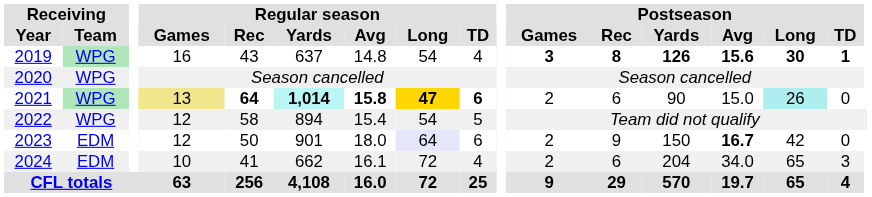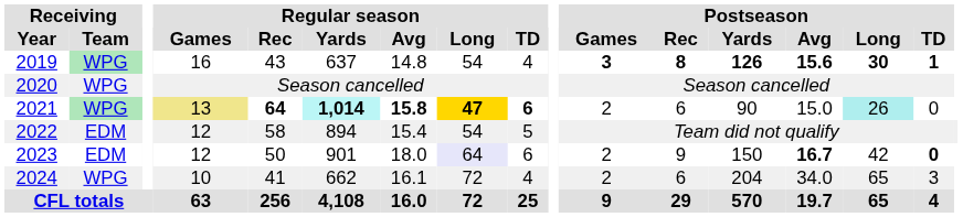 <table BORDER="0" CELLPADDING="1" CELLSPACING="0" width="65%" style="text-align:center">
 <tr bgcolor="#e0e0e0">
 <th colspan="2">Receiving</th>
 <th rowspan="99" bgcolor="#ffffff"> </th>
 <th colspan="6">Regular season</th>
 <th rowspan="100" bgcolor="#ffffff"> </th>
 <th colspan="6">Postseason</th>
 </tr>
 <tr bgcolor="#e0e0e0">
 <th>Year</th>
 <th>Team</th>
 <th>Games</th>
 <th>Rec</th>
 <th>Yards</th>
 <th>Avg</th>
 <th>Long</th>
 <th>TD</th>
 <th>Games</th>
 <th>Rec</th>
 <th>Yards</th>
 <th>Avg</th>
 <th>Long</th>
 <th>TD</th>
 </tr>
 <tr ALIGN="center">
 <td><a href='#'>2019</a></td>
 <td style="background:#afe6ba"><a href='#'>WPG</a></td>
 <td>16</td>
 <td>43</td>
 <td>637</td>
 <td>14.8</td>
 <td>54</td>
 <td>4</td>
 <td><strong>3</strong></td>
 <td><strong>8</strong></td>
 <td><strong>126</strong></td>
 <td><strong>15.6</strong></td>
 <td><strong>30</strong></td>
 <td><strong>1</strong></td>
 </tr>
 <tr ALIGN="center" bgcolor="#f0f0f0">
 <td><a href='#'>2020</a></td>
 <td><a href='#'>WPG</a></td>
 <td colspan="6"><em>Season cancelled</em></td>
 <td colspan="6"><em>Season cancelled</em></td>
 </tr>
 <tr ALIGN="center">
 <td><a href='#'>2021</a></td>
 <td style="background:#afe6ba"><a href='#'>WPG</a></td>
 <td style="background: khaki;">13</td>
 <td><strong>64</strong></td>
 <td style="background:#bbf6f6"><strong>1,014</strong></td>
 <td><strong>15.8</strong></td>
 <td style="background: gold;"><strong>47</strong></td>
 <td><strong>6</strong></td>
 <td>2</td>
 <td>6</td>
 <td>90</td>
 <td>15.0</td>
 <td style="background: paleturquoise;">26</td>
 <td>0</td>
 </tr>
 <tr>
 </tr>
 <tr ALIGN="center" bgcolor="#f0f0f0">
 <td><a href='#'>2022</a></td>
-<td><a href='#'>WPG</a></td>
+<td><a href='#'>EDM</a></td>
 <td>12</td>
 <td>58</td>
 <td>894</td>
 <td>15.4</td>
 <td>54</td>
 <td>5</td>
 <td colspan="6"><em>Team did not qualify</em></td>
 <td></td>
 </tr>
 <tr>
 </tr>
 <tr ALIGN="center">
 <td><a href='#'>2023</a></td>
 <td><a href='#'>EDM</a></td>
 <td>12</td>
 <td>50</td>
 <td>901</td>
 <td>18.0</td>
 <td style="background: lavender;">64</td>
 <td>6</td>
 <td>2</td>
 <td>9</td>
 <td>150</td>
 <td><strong>16.7</strong></td>
 <td>42</td>
-<td>0</td>
+<td><strong>0</strong></td>
 </tr>
 <tr ALIGN="center" bgcolor="#f0f0f0">
 <td><a href='#'>2024</a></td>
-<td><a href='#'>EDM</a></td>
+<td><a href='#'>WPG</a></td>
 <td>10</td>
 <td>41</td>
 <td>662</td>
 <td>16.1</td>
 <td>72</td>
 <td>4</td>
 <td>2</td>
 <td>6</td>
 <td>204</td>
 <td>34.0</td>
 <td>65</td>
 <td>3</td>
 </tr>
 <tr bgcolor="#e0e0e0">
 <th colspan="3"><a href='#'>CFL totals</a></th>
 <th>63</th>
 <th>256</th>
 <th>4,108</th>
 <th>16.0</th>
 <th>72</th>
 <th>25</th>
 <th>9</th>
 <th>29</th>
 <th>570</th>
 <th>19.7</th>
 <th>65</th>
 <th>4</th>
 </tr>
 </table>
